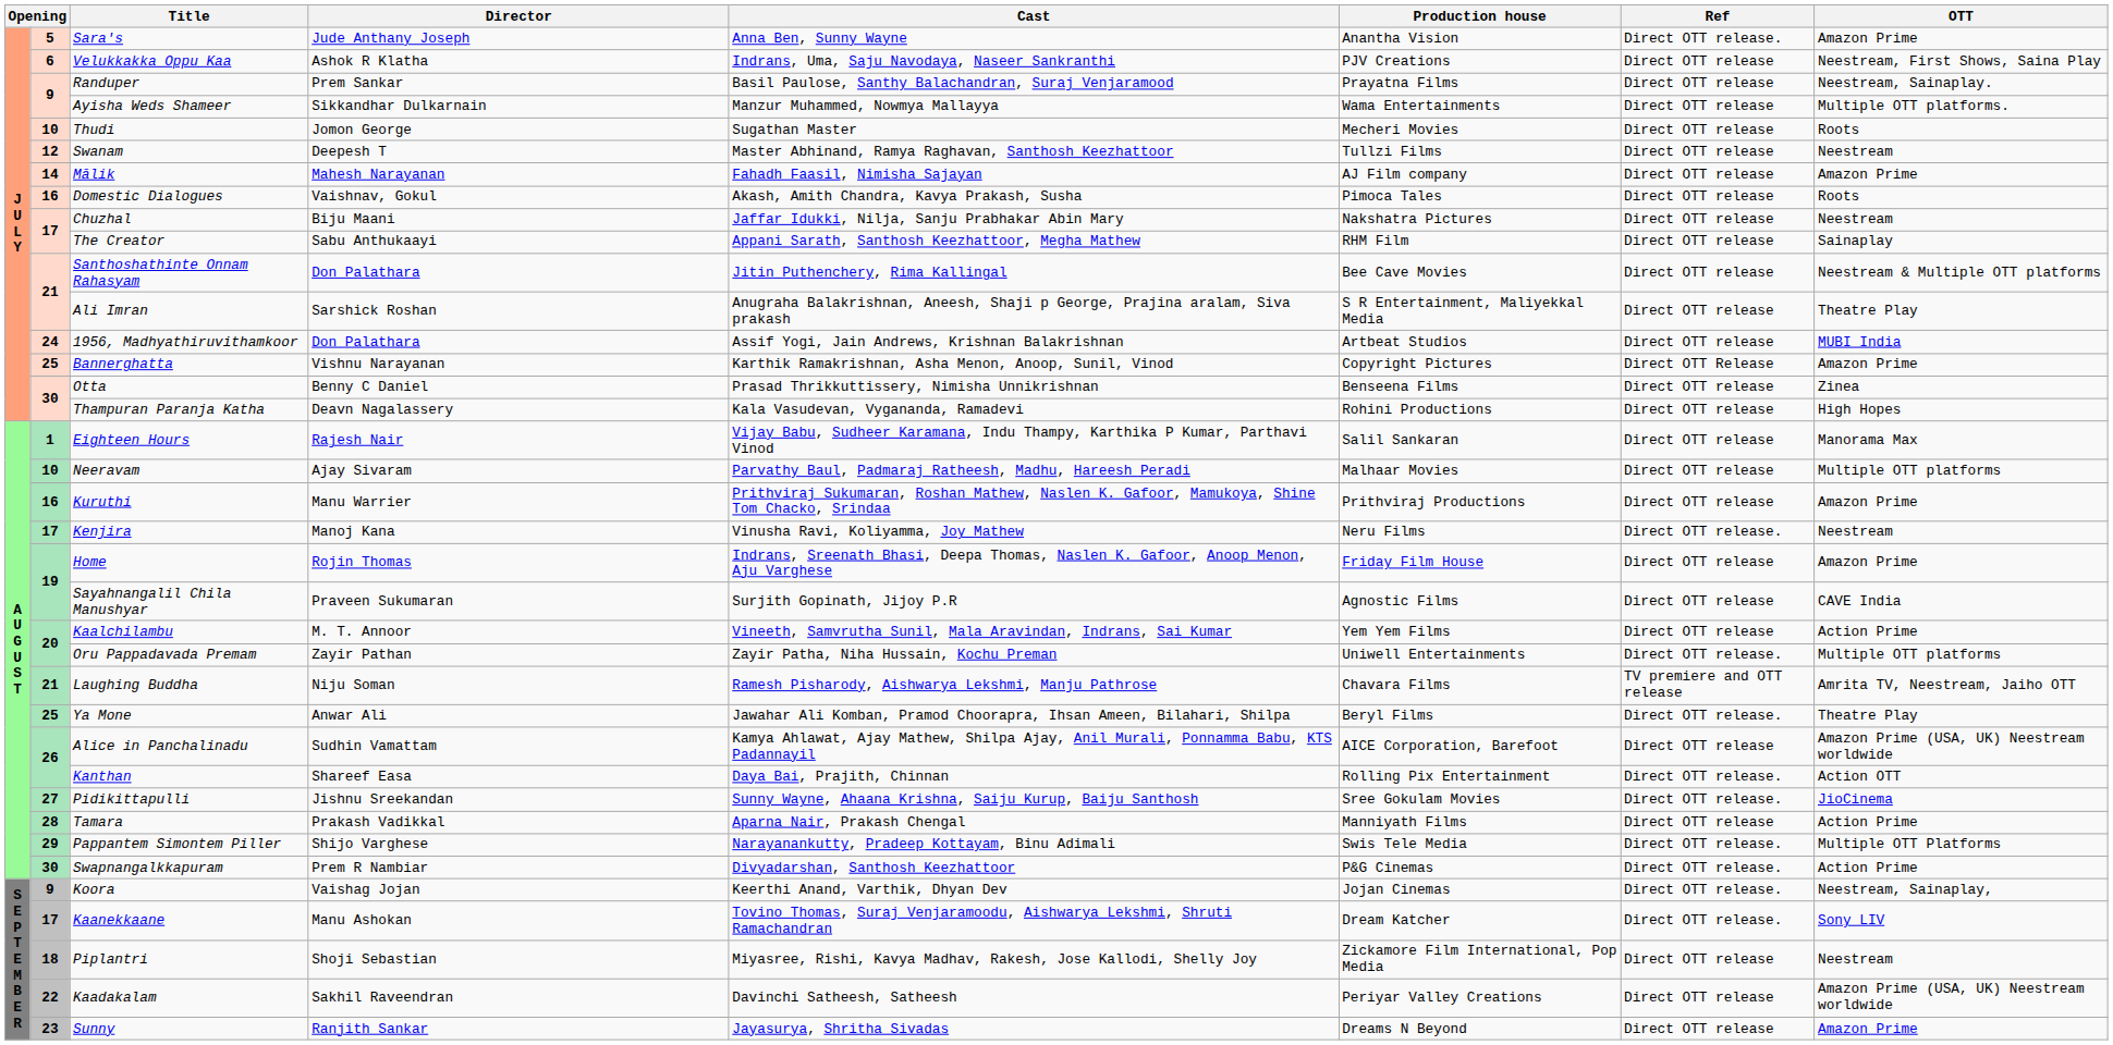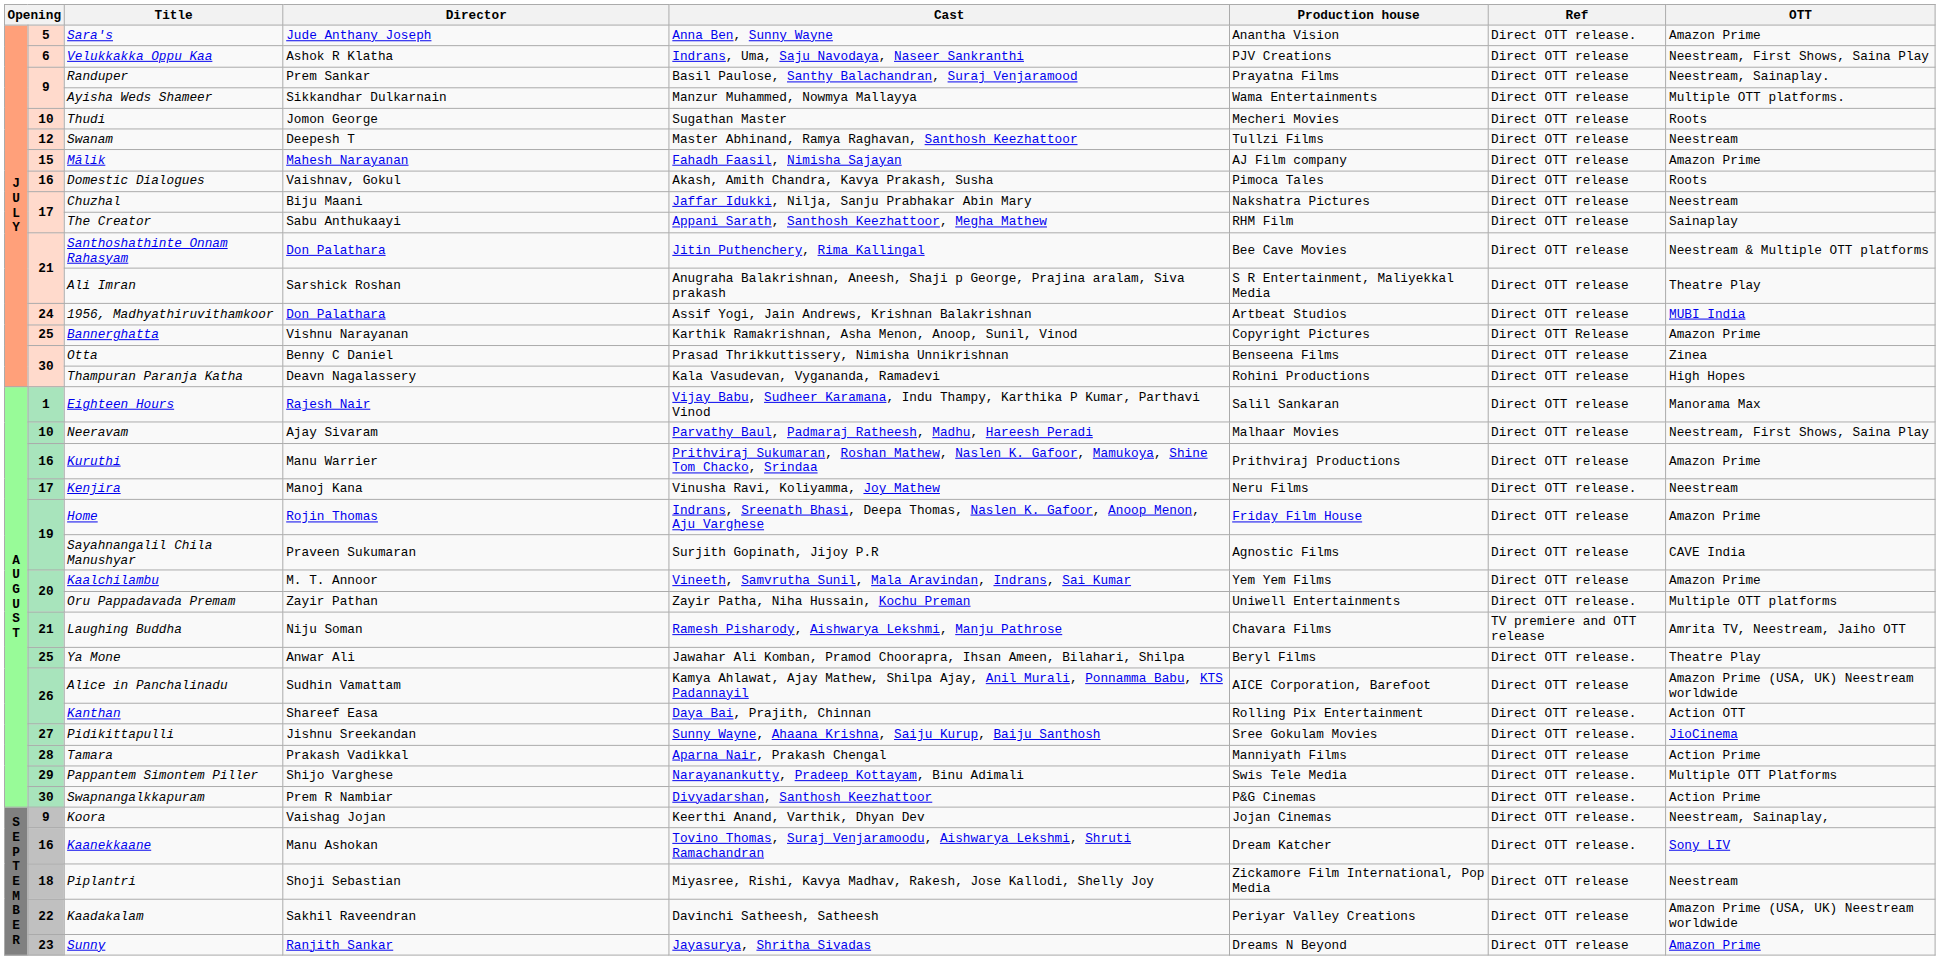 <table class="wikitable sortable">
 <tr style="background:#blue; text-align:center;">
 <th colspan="2">Opening</th>
 <th>Title</th>
 <th style="width:20%;"><strong>Director</strong></th>
 <th>Cast</th>
 <th>Production house</th>
 <th>Ref</th>
 <th>OTT</th>
 </tr>
 <tr July!>
 <td rowspan="16" style="text-align:center; background:#ffa07a; textcolor:#000;"><strong>J<br>U<br>L<br>Y<br></strong></td>
 <td rowspan="1" style="text-align:center;background:#ffdacc;"><strong>5</strong></td>
 <td><em><a href='#'>Sara's</a></em></td>
 <td><a href='#'>Jude Anthany Joseph</a></td>
 <td><a href='#'>Anna Ben</a>, <a href='#'>Sunny Wayne</a></td>
 <td>Anantha Vision</td>
 <td>Direct OTT release.<br></td>
 <td>Amazon Prime</td>
 </tr>
 <tr>
 <td rowspan="1" style="text-align:center;background:#ffdacc;"><strong>6</strong></td>
 <td><em><a href='#'>Velukkakka Oppu Kaa</a></em></td>
 <td>Ashok R Klatha</td>
 <td><a href='#'>Indrans</a>, Uma, <a href='#'>Saju Navodaya</a>, <a href='#'>Naseer Sankranthi</a></td>
 <td>PJV Creations</td>
 <td>Direct OTT release</td>
 <td>Neestream, First Shows, Saina Play</td>
 </tr>
 <tr>
 <td rowspan="2" style="text-align:center;background:#ffdacc;"><strong>9</strong></td>
 <td><em>Randuper</em></td>
 <td>Prem Sankar</td>
 <td>Basil Paulose, <a href='#'>Santhy Balachandran</a>, <a href='#'>Suraj Venjaramood</a></td>
 <td>Prayatna Films</td>
 <td>Direct OTT release</td>
 <td>Neestream, Sainaplay.</td>
 </tr>
 <tr>
 <td><em>Ayisha Weds Shameer</em></td>
 <td>Sikkandhar Dulkarnain</td>
 <td>Manzur Muhammed, Nowmya Mallayya</td>
 <td>Wama Entertainments</td>
 <td>Direct OTT release</td>
 <td>Multiple OTT platforms.</td>
 </tr>
 <tr>
 <td rowspan="1" style="text-align:center;background:#ffdacc;"><strong>10</strong></td>
 <td><em>Thudi</em></td>
 <td>Jomon George</td>
 <td>Sugathan Master</td>
 <td>Mecheri Movies</td>
 <td>Direct OTT release</td>
 <td>Roots</td>
 </tr>
 <tr>
 <td rowspan="1" style="text-align:center;background:#ffdacc;"><strong>12</strong></td>
 <td><em>Swanam </em></td>
 <td>Deepesh T</td>
 <td>Master Abhinand, Ramya Raghavan, <a href='#'>Santhosh Keezhattoor</a></td>
 <td>Tullzi Films</td>
 <td>Direct OTT release </td>
 <td>Neestream</td>
 </tr>
 <tr>
-<td rowspan="1" style="text-align:center;background:#ffdacc;"><strong>14</strong></td>
+<td rowspan="1" style="text-align:center;background:#ffdacc;"><strong>15</strong></td>
 <td><em><a href='#'>Mālik</a></em></td>
 <td><a href='#'>Mahesh Narayanan</a></td>
 <td><a href='#'>Fahadh Faasil</a>, <a href='#'>Nimisha Sajayan</a></td>
 <td>AJ Film company</td>
 <td>Direct OTT release </td>
 <td>Amazon Prime</td>
 </tr>
 <tr>
 <td rowspan="1" style="text-align:center;background:#ffdacc;"><strong>16</strong></td>
 <td><em>Domestic Dialogues</em></td>
 <td>Vaishnav, Gokul</td>
 <td>Akash, Amith Chandra, Kavya Prakash, Susha</td>
 <td>Pimoca Tales</td>
 <td>Direct OTT release</td>
 <td>Roots</td>
 </tr>
 <tr>
 <td rowspan="2" style="text-align:center;background:#ffdacc;"><strong>17</strong></td>
 <td><em>Chuzhal</em></td>
 <td>Biju Maani</td>
 <td><a href='#'>Jaffar Idukki</a>, Nilja, Sanju Prabhakar  Abin Mary</td>
 <td>Nakshatra Pictures</td>
 <td>Direct OTT release</td>
 <td>Neestream</td>
 </tr>
 <tr>
 <td><em>The Creator</em></td>
 <td>Sabu Anthukaayi</td>
 <td><a href='#'>Appani Sarath</a>, <a href='#'>Santhosh Keezhattoor</a>, <a href='#'>Megha Mathew</a></td>
 <td>RHM Film</td>
 <td>Direct OTT release </td>
 <td>Sainaplay</td>
 </tr>
 <tr>
 <td rowspan="2" style="text-align:center;background:#ffdacc;"><strong>21</strong></td>
 <td><em><a href='#'>Santhoshathinte Onnam Rahasyam</a></em></td>
 <td><a href='#'>Don Palathara</a></td>
 <td><a href='#'>Jitin Puthenchery</a>, <a href='#'>Rima Kallingal</a></td>
 <td>Bee Cave Movies</td>
 <td>Direct OTT release</td>
 <td>Neestream & Multiple OTT platforms</td>
 </tr>
 <tr Neestream, SainaPlay, Roots>
 <td><em>Ali Imran</em></td>
 <td>Sarshick Roshan</td>
 <td>Anugraha Balakrishnan, Aneesh, Shaji p George, Prajina aralam, Siva prakash</td>
 <td>S R Entertainment, Maliyekkal Media</td>
 <td>Direct OTT release</td>
 <td>Theatre Play</td>
 </tr>
 <tr>
 <td rowspan="1" style="text-align:center;background:#ffdacc;"><strong>24</strong></td>
 <td><em>1956, Madhyathiruvithamkoor</em></td>
 <td><a href='#'>Don Palathara</a></td>
 <td>Assif Yogi, Jain Andrews, Krishnan Balakrishnan</td>
 <td>Artbeat Studios</td>
 <td>Direct OTT release</td>
 <td><a href='#'>MUBI India</a></td>
 </tr>
 <tr>
 <td rowspan="1" style="text-align:center;background:#ffdacc;"><strong>25</strong></td>
 <td><em><a href='#'>Bannerghatta</a></em></td>
 <td>Vishnu Narayanan</td>
 <td>Karthik Ramakrishnan, Asha Menon, Anoop, Sunil, Vinod</td>
 <td>Copyright Pictures</td>
 <td>Direct OTT Release</td>
 <td>Amazon Prime</td>
 </tr>
 <tr>
 <td rowspan="2" style="text-align:center;background:#ffdacc;"><strong>30</strong></td>
 <td><em>Otta</em></td>
 <td>Benny C Daniel</td>
 <td>Prasad Thrikkuttissery, Nimisha Unnikrishnan</td>
 <td>Benseena Films</td>
 <td>Direct OTT release</td>
 <td>Zinea</td>
 </tr>
 <tr>
 <td><em>Thampuran Paranja Katha</em></td>
 <td>Deavn Nagalassery</td>
 <td>Kala Vasudevan, Vygananda, Ramadevi</td>
 <td>Rohini Productions</td>
 <td>Direct OTT release</td>
 <td>High Hopes</td>
 </tr>
 <tr August!>
 <td rowspan="16" style="text-align:center; background:#98fb98; textcolor:#000;"><strong>A<br>U<br>G<br>U<br>S<br>T</strong></td>
 <td rowspan="1" style="text-align:center;background:#a8e4bc;"><strong>1</strong></td>
 <td><em><a href='#'>Eighteen Hours</a></em></td>
 <td><a href='#'>Rajesh Nair</a></td>
 <td><a href='#'>Vijay Babu</a>, <a href='#'>Sudheer Karamana</a>, Indu Thampy, Karthika P Kumar, Parthavi Vinod</td>
 <td>Salil Sankaran</td>
 <td>Direct OTT release</td>
 <td>Manorama Max</td>
 </tr>
 <tr>
 <td rowspan="1" style="text-align:center;background:#a8e4bc;"><strong>10</strong></td>
 <td><em>Neeravam</em></td>
 <td>Ajay Sivaram</td>
 <td><a href='#'>Parvathy Baul</a>, <a href='#'>Padmaraj Ratheesh</a>, <a href='#'>Madhu</a>, <a href='#'>Hareesh Peradi</a></td>
 <td>Malhaar Movies</td>
 <td>Direct OTT release </td>
-<td>Multiple OTT platforms</td>
+<td>Neestream, First Shows, Saina Play</td>
 </tr>
 <tr>
 <td rowspan="1" style="text-align:center;background:#a8e4bc;"><strong>16</strong></td>
 <td><em><a href='#'>Kuruthi</a></em></td>
 <td>Manu Warrier</td>
 <td><a href='#'>Prithviraj Sukumaran</a>, <a href='#'>Roshan Mathew</a>, <a href='#'>Naslen K. Gafoor</a>, <a href='#'>Mamukoya</a>, <a href='#'>Shine Tom Chacko</a>, <a href='#'>Srindaa</a></td>
 <td>Prithviraj Productions</td>
 <td>Direct OTT release</td>
 <td>Amazon Prime</td>
 </tr>
 <tr>
 <td rowspan="1" style="text-align:center;background:#a8e4bc;"><strong>17</strong></td>
 <td><em><a href='#'>Kenjira</a></em></td>
 <td>Manoj Kana</td>
 <td>Vinusha Ravi, Koliyamma, <a href='#'>Joy Mathew</a></td>
 <td>Neru Films</td>
 <td>Direct OTT release.</td>
 <td>Neestream</td>
 </tr>
 <tr>
 <td rowspan="2" style="text-align:center;background:#a8e4bc;"><strong>19</strong></td>
 <td><em><a href='#'>Home</a></em></td>
 <td><a href='#'>Rojin Thomas</a></td>
 <td><a href='#'>Indrans</a>, <a href='#'>Sreenath Bhasi</a>, Deepa Thomas, <a href='#'>Naslen K. Gafoor</a>, <a href='#'>Anoop Menon</a>, <a href='#'>Aju Varghese</a></td>
 <td><a href='#'>Friday Film House</a></td>
 <td>Direct OTT release</td>
 <td>Amazon Prime</td>
 </tr>
 <tr>
 <td><em>Sayahnangalil Chila Manushyar</em></td>
 <td>Praveen Sukumaran</td>
 <td>Surjith Gopinath, Jijoy P.R</td>
 <td>Agnostic Films</td>
 <td>Direct OTT release</td>
 <td>CAVE India</td>
 </tr>
 <tr>
 <td rowspan="2" style="text-align:center;background:#a8e4bc;"><strong>20</strong></td>
 <td><em><a href='#'>Kaalchilambu</a></em></td>
 <td>M. T. Annoor</td>
 <td><a href='#'>Vineeth</a>, <a href='#'>Samvrutha Sunil</a>, <a href='#'>Mala Aravindan</a>, <a href='#'>Indrans</a>, <a href='#'>Sai Kumar</a></td>
 <td>Yem Yem Films</td>
 <td>Direct OTT release </td>
-<td>Action Prime</td>
+<td>Amazon Prime</td>
 </tr>
 <tr>
 <td><em>Oru Pappadavada Premam</em></td>
 <td>Zayir Pathan</td>
 <td>Zayir Patha, Niha Hussain, <a href='#'>Kochu Preman</a></td>
 <td>Uniwell Entertainments</td>
 <td>Direct OTT release.<br></td>
 <td>Multiple OTT platforms</td>
 </tr>
 <tr>
 <td rowspan="1" style="text-align:center;background:#a8e4bc;"><strong>21</strong></td>
 <td><em>Laughing Buddha</em></td>
 <td>Niju Soman</td>
 <td><a href='#'>Ramesh Pisharody</a>, <a href='#'>Aishwarya Lekshmi</a>, <a href='#'>Manju Pathrose</a></td>
 <td>Chavara Films</td>
 <td>TV premiere and OTT release</td>
 <td>Amrita TV, Neestream, Jaiho OTT</td>
 </tr>
 <tr>
 <td rowspan="1" style="text-align:center;background:#a8e4bc;"><strong>25</strong></td>
 <td><em>Ya Mone</em></td>
 <td>Anwar Ali</td>
 <td>Jawahar Ali Komban, Pramod Choorapra, Ihsan Ameen, Bilahari, Shilpa</td>
 <td>Beryl Films</td>
 <td>Direct OTT release.<br></td>
 <td>Theatre Play</td>
 </tr>
 <tr>
 <td rowspan="2" style="text-align:center;background:#a8e4bc;"><strong>26</strong></td>
 <td><em>Alice in Panchalinadu</em></td>
 <td>Sudhin Vamattam</td>
 <td>Kamya Ahlawat, Ajay Mathew, Shilpa Ajay, <a href='#'>Anil Murali</a>, <a href='#'>Ponnamma Babu</a>, <a href='#'>KTS Padannayil</a></td>
 <td>AICE Corporation, Barefoot</td>
 <td>Direct OTT release</td>
 <td>Amazon Prime (USA, UK) Neestream worldwide</td>
 </tr>
 <tr>
 <td><em><a href='#'>Kanthan</a></em></td>
 <td>Shareef Easa</td>
 <td><a href='#'>Daya Bai</a>, Prajith, Chinnan</td>
 <td>Rolling Pix Entertainment</td>
 <td>Direct OTT release.<br></td>
 <td>Action OTT</td>
 </tr>
 <tr>
 <td rowspan="1" style="text-align:center;background:#a8e4bc;"><strong>27</strong></td>
 <td><em>Pidikittapulli</em></td>
 <td>Jishnu Sreekandan</td>
 <td><a href='#'>Sunny Wayne</a>, <a href='#'>Ahaana Krishna</a>, <a href='#'>Saiju Kurup</a>, <a href='#'>Baiju Santhosh</a></td>
 <td>Sree Gokulam Movies</td>
 <td>Direct OTT release.<br></td>
 <td><a href='#'>JioCinema</a></td>
 </tr>
 <tr>
 <td rowspan="1" style="text-align:center;background:#a8e4bc;"><strong>28</strong></td>
 <td><em>Tamara</em></td>
 <td>Prakash Vadikkal</td>
 <td><a href='#'>Aparna Nair</a>, Prakash Chengal</td>
 <td>Manniyath Films</td>
 <td>Direct OTT release</td>
 <td>Action Prime</td>
 </tr>
 <tr>
 <td rowspan="1" style="text-align:center;background:#a8e4bc;"><strong>29</strong></td>
 <td><em>Pappantem Simontem Piller</em></td>
 <td>Shijo Varghese</td>
 <td><a href='#'>Narayanankutty</a>, <a href='#'>Pradeep Kottayam</a>, Binu Adimali</td>
 <td>Swis Tele Media</td>
 <td>Direct OTT release.<br></td>
 <td>Multiple OTT Platforms</td>
 </tr>
 <tr>
 <td rowspan="1" style="text-align:center;background:#a8e4bc;"><strong>30</strong></td>
 <td><em>Swapnangalkkapuram</em></td>
 <td>Prem R Nambiar</td>
 <td><a href='#'>Divyadarshan</a>, <a href='#'>Santhosh Keezhattoor</a></td>
 <td>P&G Cinemas</td>
 <td>Direct OTT release.<br></td>
 <td>Action Prime</td>
 </tr>
 <tr September!>
 <td rowspan="5" style="text-align:center; background:#808080; textcolor:#000;"><strong>S<br>E<br>P<br>T<br>E<br>M<br>B<br>E<br>R</strong></td>
 <td rowspan="1" style="text-align:center;background:#C0C0C0;"><strong>9</strong></td>
 <td><em>Koora</em></td>
 <td>Vaishag Jojan</td>
 <td>Keerthi Anand, Varthik, Dhyan Dev</td>
 <td>Jojan Cinemas</td>
 <td>Direct OTT release.<br></td>
 <td>Neestream, Sainaplay,</td>
 </tr>
 <tr>
-<td rowspan="1" style="text-align:center;background:#C0C0C0;"><strong>17</strong></td>
+<td rowspan="1" style="text-align:center;background:#C0C0C0;"><strong>16</strong></td>
 <td><em><a href='#'>Kaanekkaane</a></em></td>
 <td>Manu Ashokan</td>
 <td><a href='#'>Tovino Thomas</a>, <a href='#'>Suraj Venjaramoodu</a>, <a href='#'>Aishwarya Lekshmi</a>, <a href='#'>Shruti Ramachandran</a></td>
 <td>Dream Katcher</td>
 <td>Direct OTT release.</td>
 <td><a href='#'>Sony LIV</a></td>
 </tr>
 <tr>
 <td rowspan="1" style="text-align:center;background:#C0C0C0;"><strong>18</strong></td>
 <td><em>Piplantri</em></td>
 <td>Shoji Sebastian</td>
 <td>Miyasree, Rishi, Kavya Madhav, Rakesh, Jose Kallodi, Shelly Joy</td>
 <td>Zickamore Film International, Pop Media</td>
 <td>Direct OTT release</td>
 <td>Neestream</td>
 </tr>
 <tr>
 <td rowspan="1" style="text-align:center;background:#C0C0C0;"><strong>22</strong></td>
 <td><em>Kaadakalam</em></td>
 <td>Sakhil Raveendran</td>
 <td>Davinchi Satheesh, Satheesh</td>
 <td>Periyar Valley Creations</td>
 <td>Direct OTT release </td>
 <td>Amazon Prime (USA, UK) Neestream worldwide</td>
 </tr>
 <tr>
 <td rowspan="1" style="text-align:center;background:#C0C0C0;"><strong>23</strong></td>
 <td><em><a href='#'>Sunny</a></em></td>
 <td><a href='#'>Ranjith Sankar</a></td>
 <td><a href='#'>Jayasurya</a>, <a href='#'>Shritha Sivadas</a></td>
 <td>Dreams N Beyond</td>
 <td>Direct OTT release</td>
 <td><a href='#'>Amazon Prime</a></td>
 </tr>
 </table>
